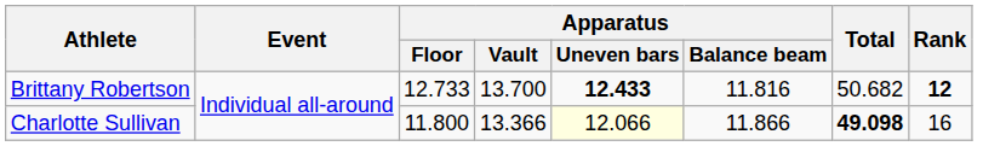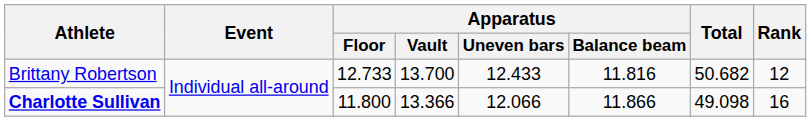 <table class="wikitable" style="text-align:center;font-size:90%">
 <tr>
 <th rowspan=2>Athlete</th>
 <th rowspan=2>Event</th>
 <th colspan=4>Apparatus</th>
 <th rowspan=2>Total</th>
 <th rowspan=2>Rank</th>
 </tr>
 <tr style="font-size:95%">
 <th>Floor</th>
 <th>Vault</th>
 <th>Uneven bars</th>
 <th>Balance beam</th>
 </tr>
 <tr>
 <td align=left><a href='#'>Brittany Robertson</a></td>
 <td align=left rowspan=2><a href='#'>Individual all-around</a></td>
 <td>12.733</td>
 <td>13.700</td>
-<td><strong>12.433</strong></td>
+<td>12.433</td>
 <td>11.816</td>
 <td>50.682</td>
-<td><strong>12</strong></td>
+<td>12</td>
 </tr>
 <tr>
-<td align=left><a href='#'>Charlotte Sullivan</a></td>
+<td align=left><strong><a href='#'>Charlotte Sullivan</a></strong></td>
 <td>11.800</td>
 <td>13.366</td>
-<td style="background: lightyellow;">12.066</td>
+<td>12.066</td>
 <td>11.866</td>
-<td><strong>49.098</strong></td>
+<td>49.098</td>
 <td>16</td>
 </tr>
 </table>
